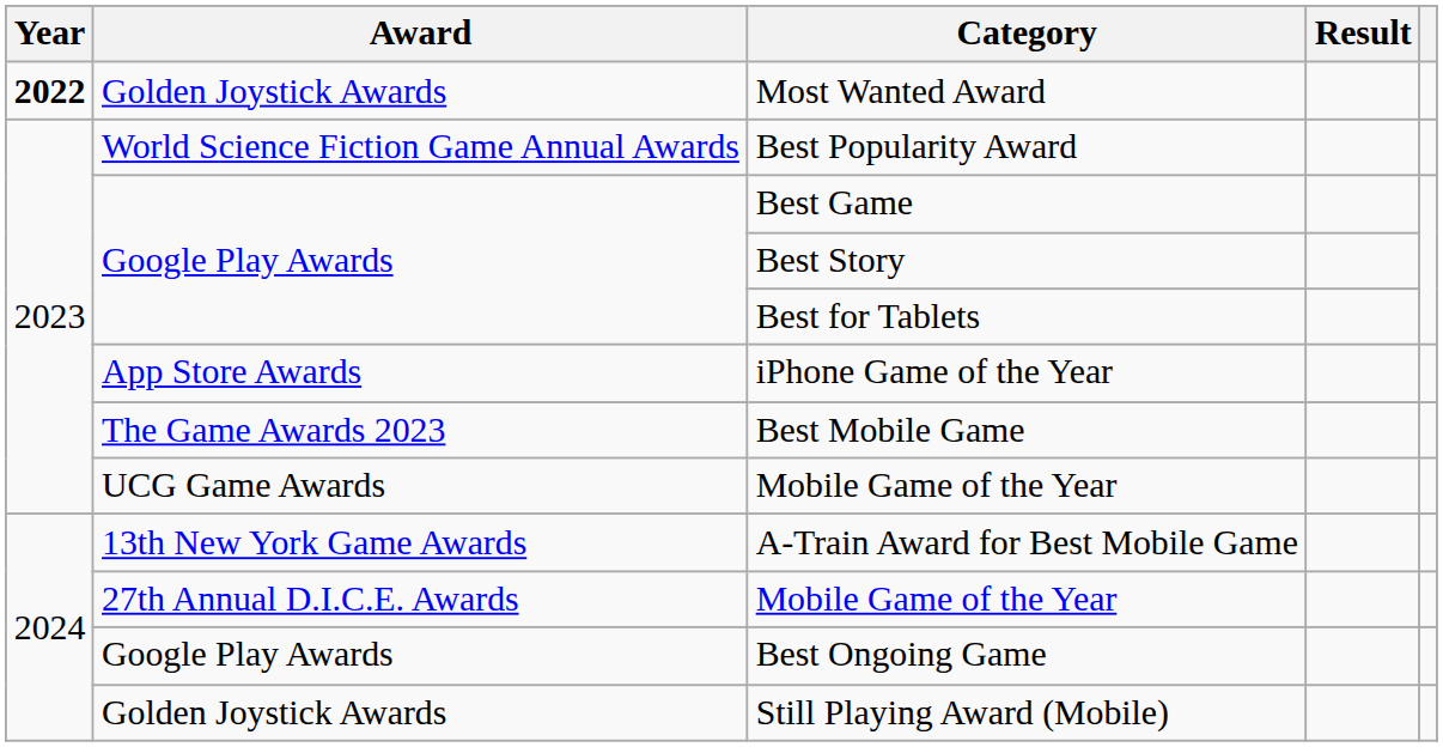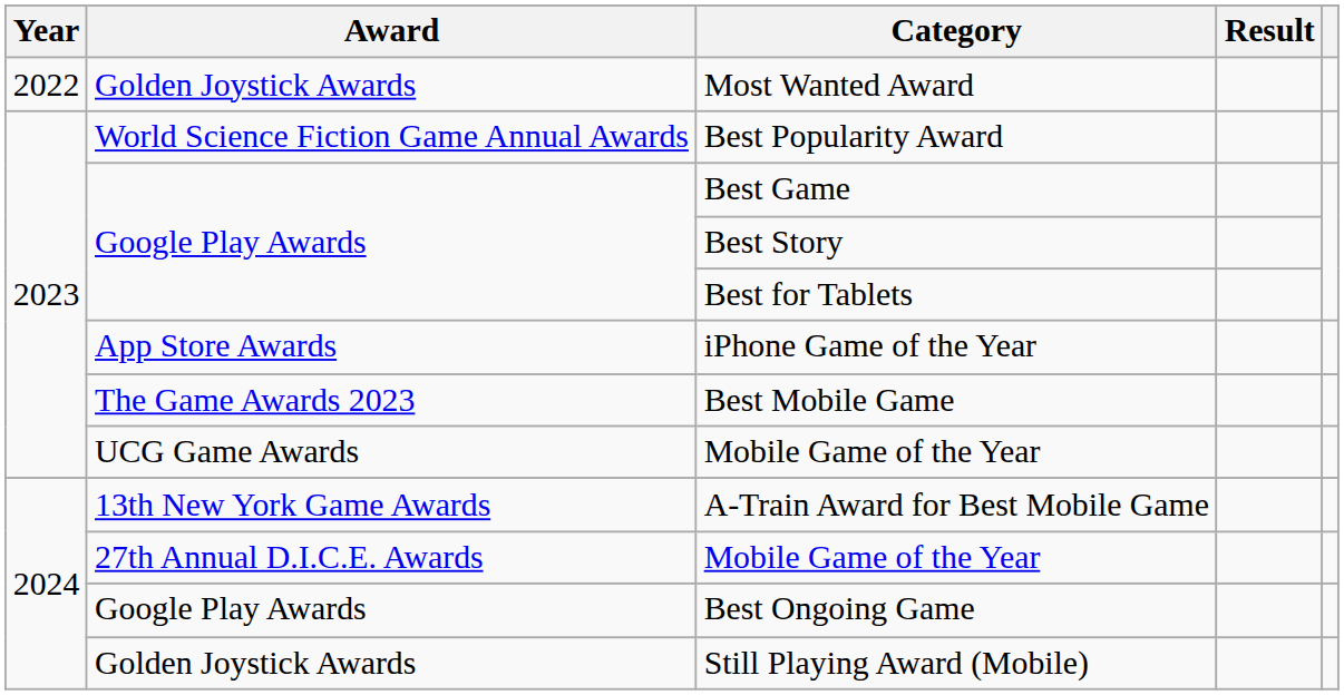 <table class="wikitable sortable">
 <tr>
 <th>Year</th>
 <th>Award</th>
 <th>Category</th>
 <th>Result</th>
 <th></th>
 </tr>
 <tr>
-<td style="text-align:center;"><strong>2022</strong></td>
+<td style="text-align:center;">2022</td>
 <td><a href='#'>Golden Joystick Awards</a></td>
 <td>Most Wanted Award</td>
 <td></td>
 <td style="text-align:center;"></td>
 </tr>
 <tr>
 <td rowspan="7" style="text-align:center;">2023</td>
 <td><a href='#'>World Science Fiction Game Annual Awards</a></td>
 <td>Best Popularity Award</td>
 <td></td>
 <td style="text-align:center;"></td>
 </tr>
 <tr>
 <td rowspan=3><a href='#'>Google Play Awards</a></td>
 <td>Best Game</td>
 <td></td>
 <td rowspan="3" style="text-align:center;"></td>
 </tr>
 <tr>
 <td>Best Story</td>
 <td></td>
 </tr>
 <tr>
 <td>Best for Tablets</td>
 <td></td>
 </tr>
 <tr>
 <td><a href='#'>App Store Awards</a></td>
 <td>iPhone Game of the Year</td>
 <td></td>
 <td style="text-align:center;"></td>
 </tr>
 <tr>
 <td><a href='#'>The Game Awards 2023</a></td>
 <td>Best Mobile Game</td>
 <td></td>
 <td style="text-align:center;"></td>
 </tr>
 <tr>
 <td>UCG Game Awards</td>
 <td>Mobile Game of the Year</td>
 <td></td>
 <td style="text-align:center;"></td>
 </tr>
 <tr>
 <td rowspan="4" style="text-align:center;">2024</td>
 <td><a href='#'>13th New York Game Awards</a></td>
 <td>A-Train Award for Best Mobile Game</td>
 <td></td>
 <td rowspan="1" style="text-align:center;"></td>
 </tr>
 <tr>
 <td><a href='#'>27th Annual D.I.C.E. Awards</a></td>
 <td><a href='#'>Mobile Game of the Year</a></td>
 <td></td>
 <td style="text-align:center;"></td>
 </tr>
 <tr>
 <td>Google Play Awards</td>
 <td>Best Ongoing Game</td>
 <td></td>
 <td style="text-align:center;"></td>
 </tr>
 <tr>
 <td>Golden Joystick Awards</td>
 <td>Still Playing Award (Mobile)</td>
 <td></td>
 <td style="text-align:center;"></td>
 </tr>
 </table>
